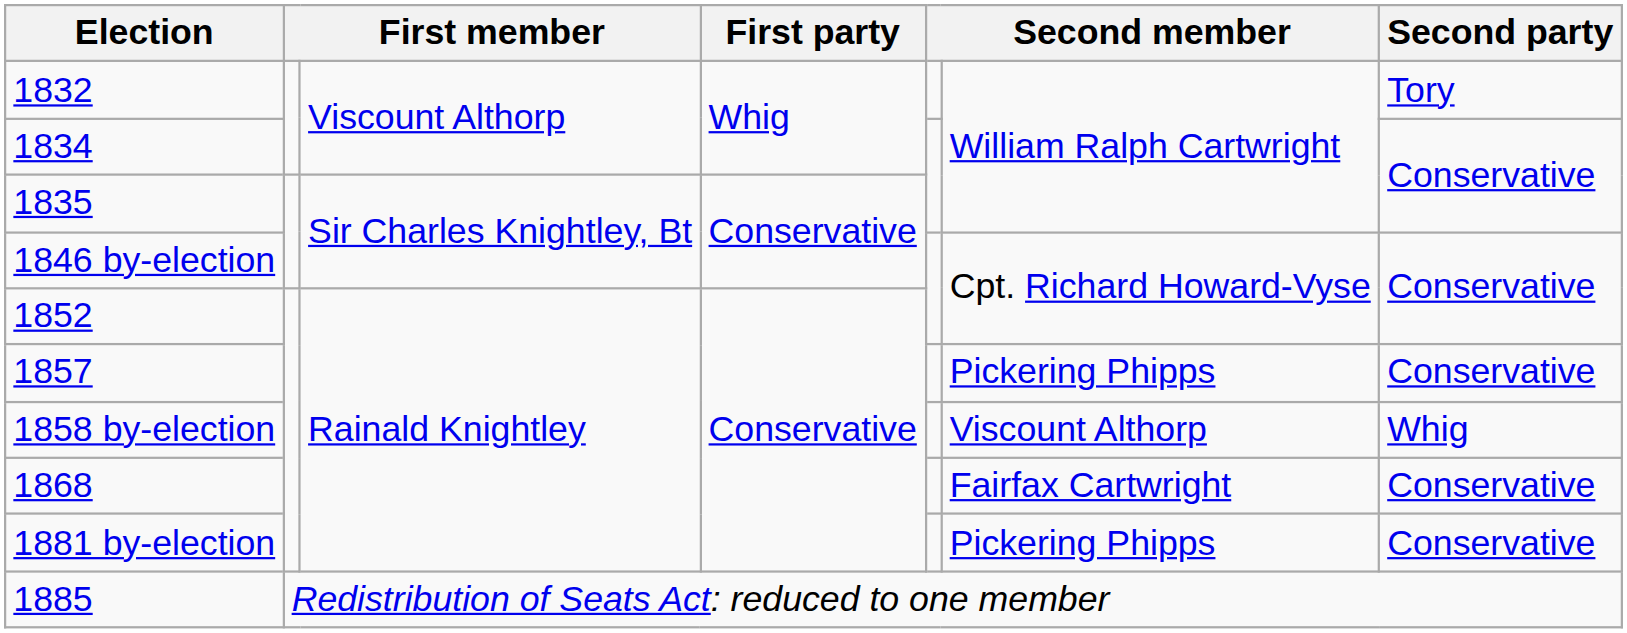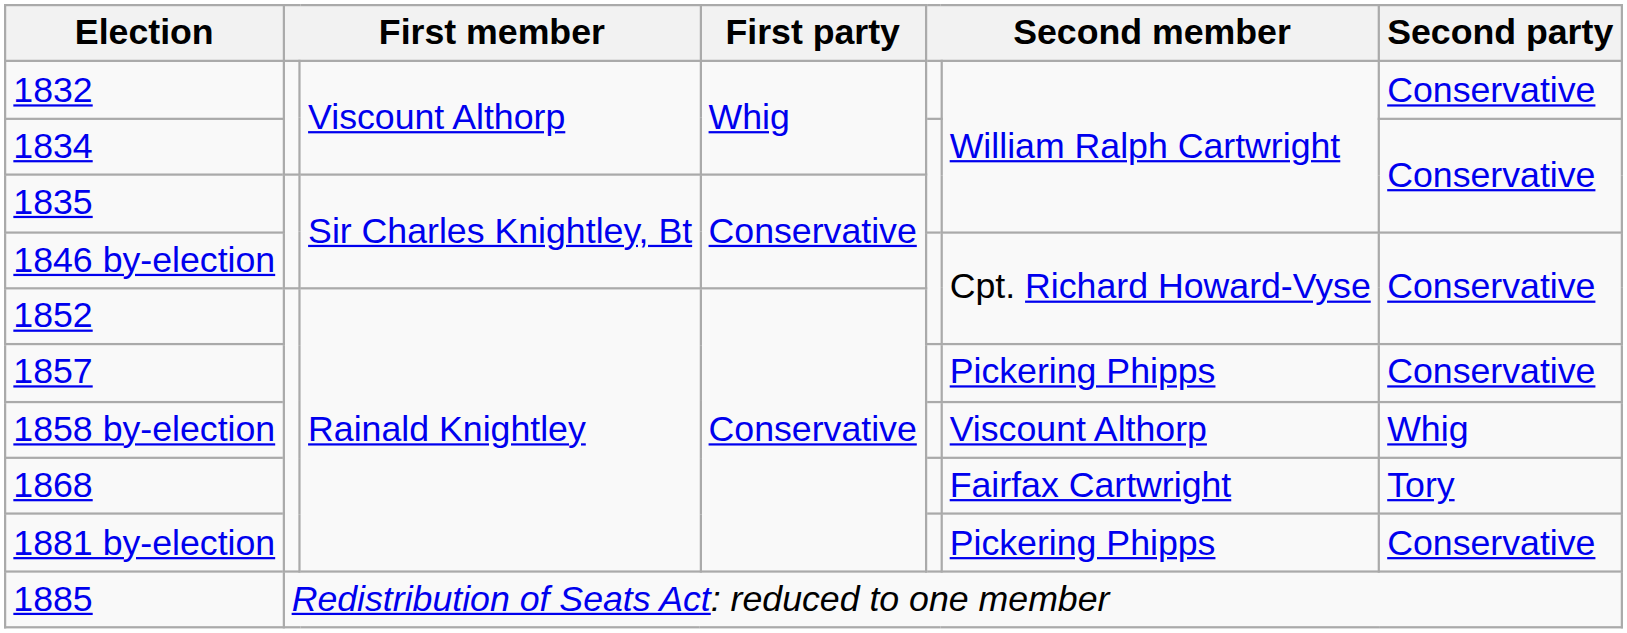 <table class="wikitable">
 <tr>
 <th>Election</th>
 <th colspan="2">First member</th>
 <th>First party</th>
 <th colspan="2">Second member</th>
 <th>Second party</th>
 </tr>
 <tr>
 <td><a href='#'>1832</a></td>
 <td rowspan="2" style="color:inherit;background-color: "></td>
 <td rowspan="2"><a href='#'>Viscount Althorp</a></td>
 <td rowspan="2"><a href='#'>Whig</a></td>
 <td style="color:inherit;background-color: "></td>
 <td rowspan="3"><a href='#'>William Ralph Cartwright</a></td>
-<td><a href='#'>Tory</a></td>
+<td><a href='#'>Conservative</a></td>
 </tr>
 <tr>
 <td><a href='#'>1834</a></td>
 <td rowspan="2" style="color:inherit;background-color: "></td>
 <td rowspan="2"><a href='#'>Conservative</a></td>
 </tr>
 <tr>
 <td><a href='#'>1835</a></td>
 <td rowspan="2" style="color:inherit;background-color: "></td>
 <td rowspan="2"><a href='#'>Sir Charles Knightley, Bt</a></td>
 <td rowspan="2"><a href='#'>Conservative</a></td>
 </tr>
 <tr>
 <td><a href='#'>1846 by-election</a></td>
 <td rowspan="2" style="color:inherit;background-color: "></td>
 <td rowspan="2">Cpt. <a href='#'>Richard Howard-Vyse</a></td>
 <td rowspan="2"><a href='#'>Conservative</a></td>
 </tr>
 <tr>
 <td><a href='#'>1852</a></td>
 <td rowspan="5" style="color:inherit;background-color: "></td>
 <td rowspan="5"><a href='#'>Rainald Knightley</a></td>
 <td rowspan="5"><a href='#'>Conservative</a></td>
 </tr>
 <tr>
 <td><a href='#'>1857</a></td>
 <td style="color:inherit;background-color: "></td>
 <td><a href='#'>Pickering Phipps</a></td>
 <td><a href='#'>Conservative</a></td>
 </tr>
 <tr>
 <td><a href='#'>1858 by-election</a></td>
 <td style="color:inherit;background-color: "></td>
 <td><a href='#'>Viscount Althorp</a></td>
 <td><a href='#'>Whig</a></td>
 </tr>
 <tr>
 <td><a href='#'>1868</a></td>
 <td style="color:inherit;background-color: "></td>
 <td><a href='#'>Fairfax Cartwright</a></td>
-<td><a href='#'>Conservative</a></td>
+<td><a href='#'>Tory</a></td>
 </tr>
 <tr>
 <td><a href='#'>1881 by-election</a></td>
 <td style="color:inherit;background-color: "></td>
 <td><a href='#'>Pickering Phipps</a></td>
 <td><a href='#'>Conservative</a></td>
 </tr>
 <tr>
 <td><a href='#'>1885</a></td>
 <td colspan="6"><em><a href='#'>Redistribution of Seats Act</a>: reduced to one member</em></td>
 </tr>
 </table>
